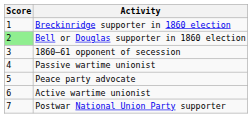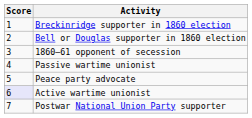 <table class="wikitable">
 <tr>
 <th>Score</th>
 <th>Activity</th>
 </tr>
 <tr>
 <td>1</td>
 <td><a href='#'>Breckinridge</a> supporter in <a href='#'>1860 election</a></td>
 </tr>
 <tr>
-<td style="background: lightgreen;">2</td>
+<td>2</td>
 <td><a href='#'>Bell</a> or <a href='#'>Douglas</a> supporter in 1860 election</td>
 </tr>
 <tr>
 <td>3</td>
 <td>1860–61 opponent of secession</td>
 </tr>
 <tr>
 <td>4</td>
 <td>Passive wartime unionist</td>
 </tr>
 <tr>
 <td>5</td>
 <td>Peace party advocate</td>
 </tr>
 <tr>
-<td>6</td>
+<td style="background: lavender;">6</td>
 <td>Active wartime unionist</td>
 </tr>
 <tr>
 <td>7</td>
 <td>Postwar <a href='#'>National Union Party</a> supporter</td>
 </tr>
 </table>
